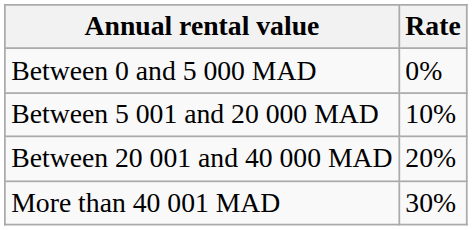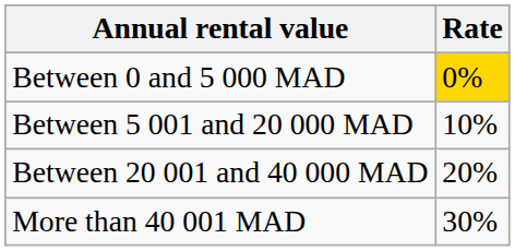 <table class="wikitable">
 <tr>
 <th>Annual rental value</th>
 <th>Rate</th>
 </tr>
 <tr>
 <td>Between 0 and 5 000 MAD</td>
-<td>0%</td>
+<td style="background: gold;">0%</td>
 </tr>
 <tr>
 <td>Between 5 001 and 20 000 MAD</td>
 <td>10%</td>
 </tr>
 <tr>
 <td>Between 20 001 and 40 000 MAD</td>
 <td>20%</td>
 </tr>
 <tr>
 <td>More than 40 001 MAD</td>
 <td>30%</td>
 </tr>
 </table>
